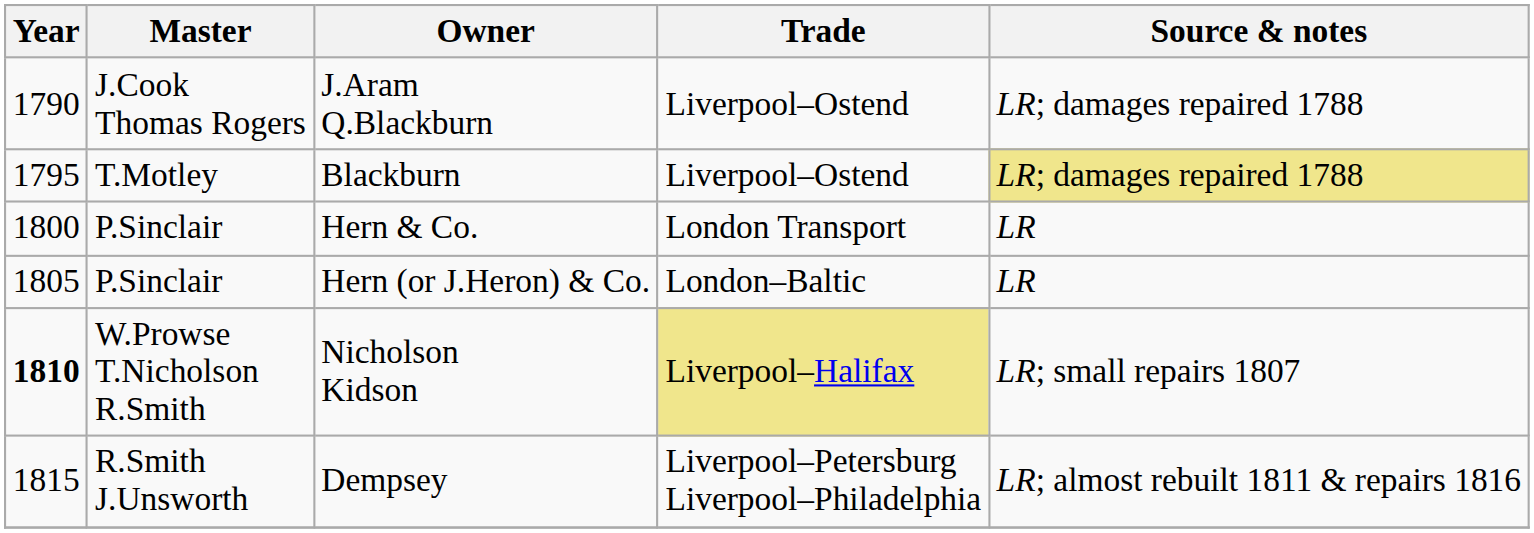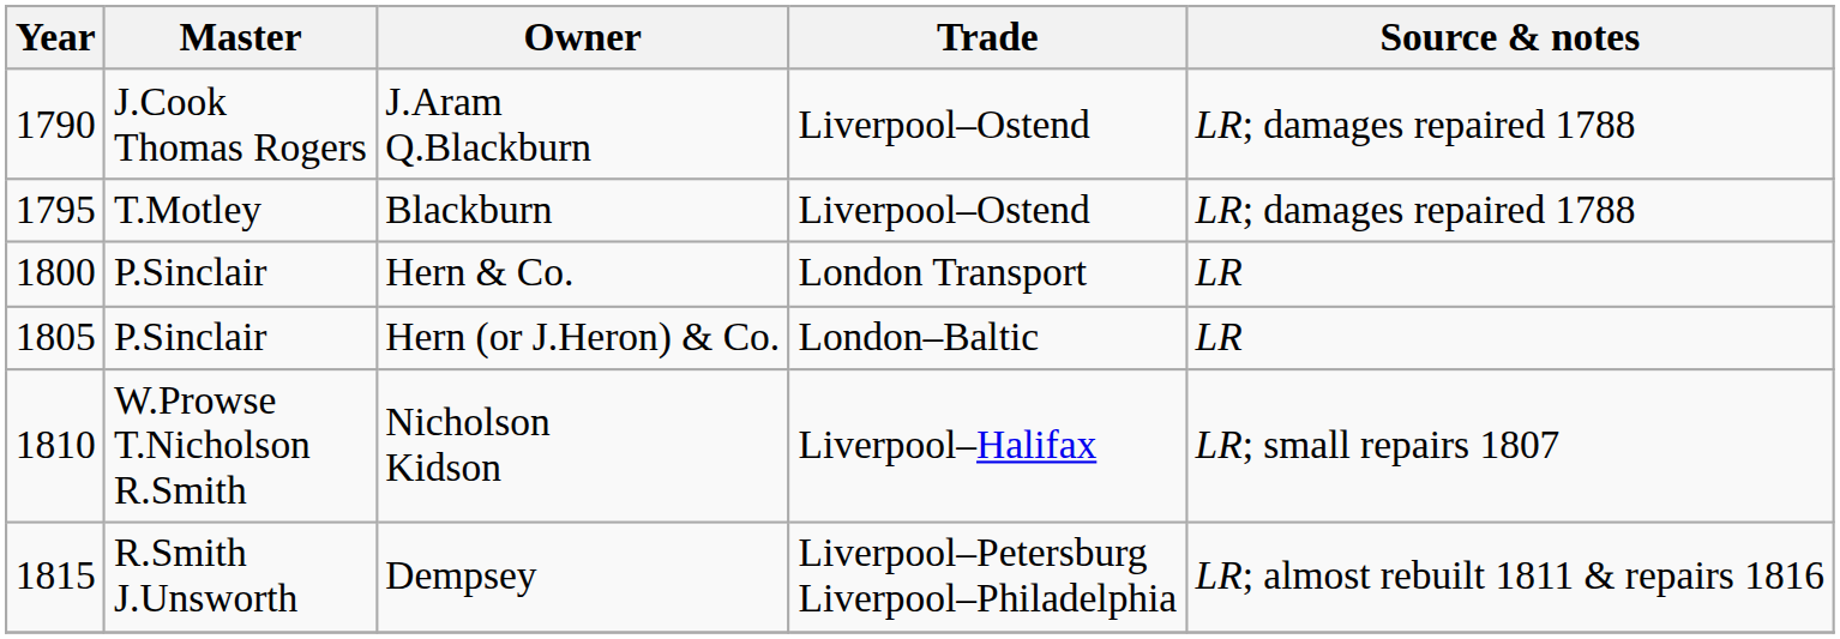 <table class=" wikitable">
 <tr>
 <th>Year</th>
 <th>Master</th>
 <th>Owner</th>
 <th>Trade</th>
 <th>Source & notes</th>
 </tr>
 <tr>
 <td>1790</td>
 <td>J.Cook<br>Thomas Rogers</td>
 <td>J.Aram<br>Q.Blackburn</td>
 <td>Liverpool–Ostend</td>
 <td><em>LR</em>; damages repaired 1788</td>
 </tr>
 <tr>
 <td>1795</td>
 <td>T.Motley</td>
 <td>Blackburn</td>
 <td>Liverpool–Ostend</td>
-<td style="background: khaki;"><em>LR</em>; damages repaired 1788</td>
+<td><em>LR</em>; damages repaired 1788</td>
 </tr>
 <tr>
 <td>1800</td>
 <td>P.Sinclair</td>
 <td>Hern & Co.</td>
 <td>London Transport</td>
 <td><em>LR</em></td>
 </tr>
 <tr>
 <td>1805</td>
 <td>P.Sinclair</td>
 <td>Hern (or J.Heron) & Co.</td>
 <td>London–Baltic</td>
 <td><em>LR</em></td>
 </tr>
 <tr>
-<td><strong>1810</strong></td>
+<td>1810</td>
 <td>W.Prowse<br>T.Nicholson<br>R.Smith</td>
 <td>Nicholson<br>Kidson</td>
-<td style="background: khaki;">Liverpool–<a href='#'>Halifax</a></td>
+<td>Liverpool–<a href='#'>Halifax</a></td>
 <td><em>LR</em>; small repairs 1807</td>
 </tr>
 <tr>
 <td>1815</td>
 <td>R.Smith<br>J.Unsworth</td>
 <td>Dempsey</td>
 <td>Liverpool–Petersburg<br>Liverpool–Philadelphia</td>
 <td><em>LR</em>; almost rebuilt 1811 & repairs 1816</td>
 </tr>
 <tr>
 </tr>
 </table>
